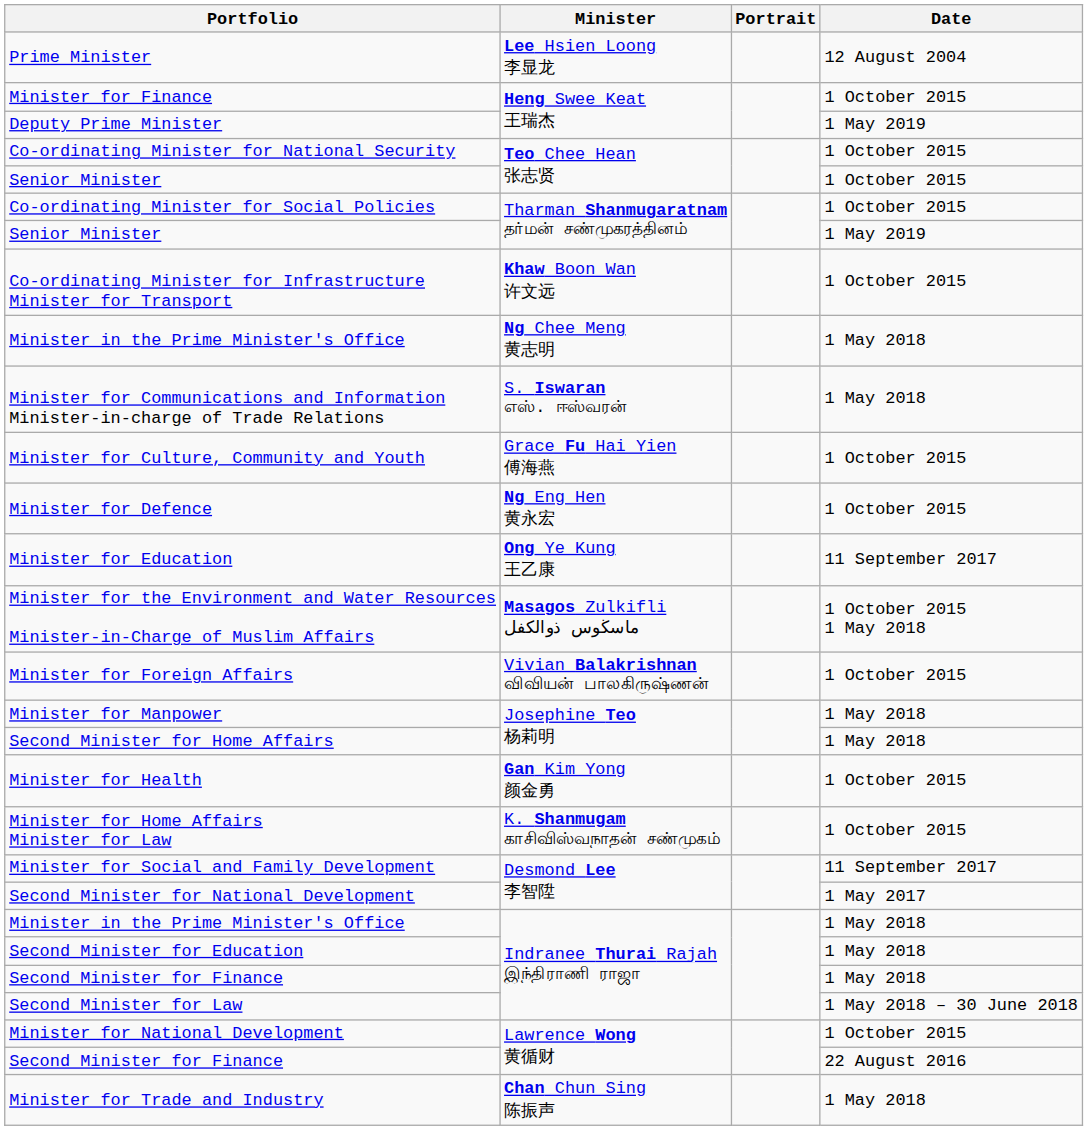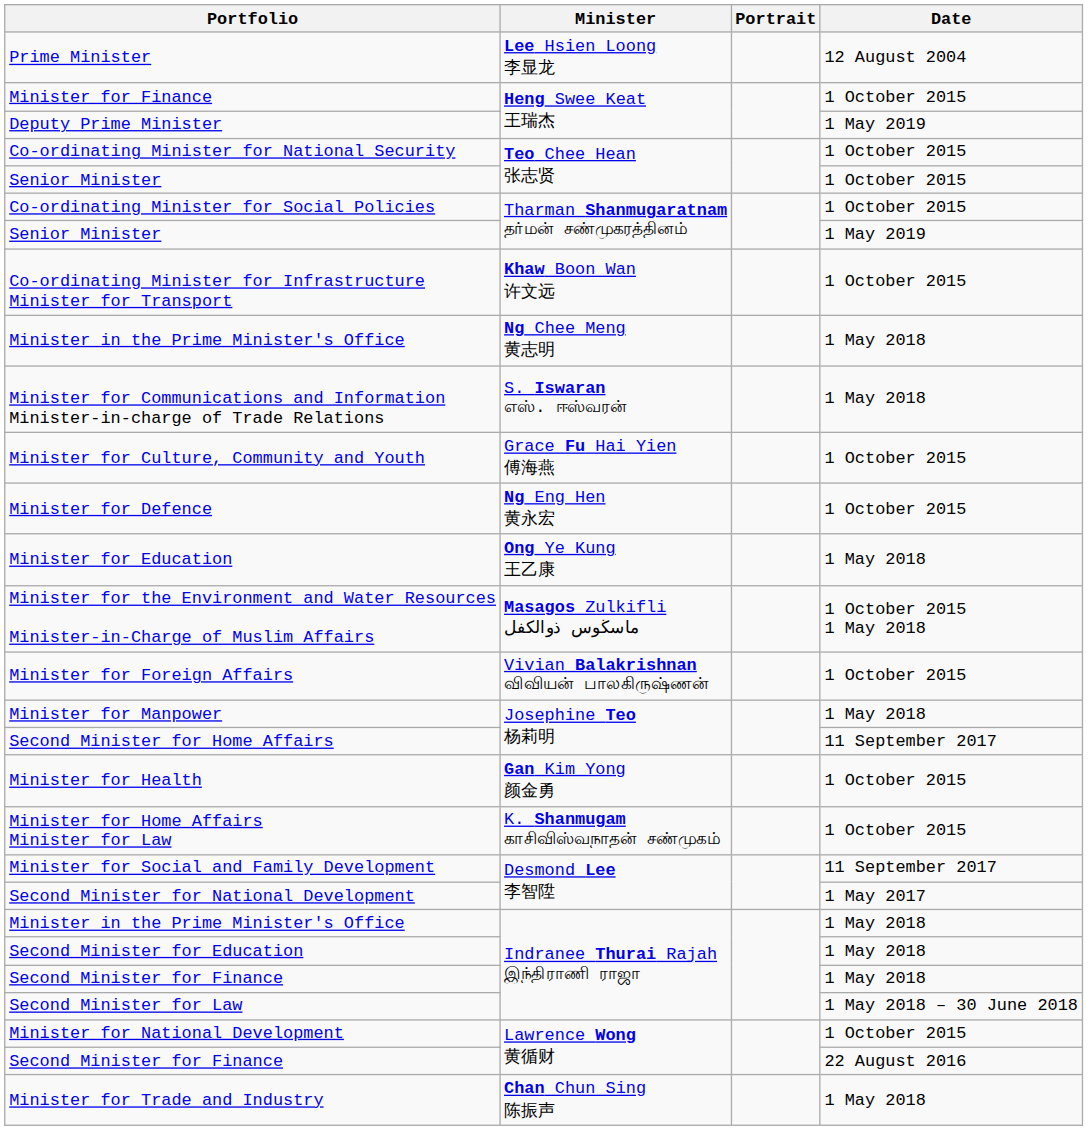 <table class="wikitable" style="margin: 1em auto 1em auto">
 <tr>
 <th>Portfolio</th>
 <th>Minister</th>
 <th>Portrait</th>
 <th>Date</th>
 </tr>
 <tr>
 <td><a href='#'>Prime Minister</a></td>
 <td><a href='#'><strong>Lee</strong> Hsien Loong</a><br> 李显龙</td>
 <td></td>
 <td>12 August 2004</td>
 </tr>
 <tr>
 <td><a href='#'>Minister for Finance</a></td>
 <td rowspan=2><a href='#'><strong>Heng</strong> Swee Keat</a> <br>王瑞杰</td>
 <td rowspan=2></td>
 <td>1 October 2015</td>
 </tr>
 <tr>
 <td><a href='#'>Deputy Prime Minister</a></td>
 <td>1 May 2019</td>
 </tr>
 <tr>
 <td><a href='#'>Co-ordinating Minister for National Security</a></td>
 <td rowspan=2><a href='#'><strong>Teo</strong> Chee Hean</a> <br>张志贤</td>
 <td rowspan=2></td>
 <td>1 October 2015</td>
 </tr>
 <tr>
 <td><a href='#'>Senior Minister</a></td>
 <td>1 October 2015</td>
 </tr>
 <tr>
 <td><a href='#'>Co-ordinating Minister for Social Policies</a></td>
 <td rowspan=2><a href='#'>Tharman <strong>Shanmugaratnam</strong></a> <br>தர்மன் சண்முகரத்தினம்</td>
 <td rowspan=2></td>
 <td>1 October 2015</td>
 </tr>
 <tr>
 <td><a href='#'>Senior Minister</a></td>
 <td>1 May 2019</td>
 </tr>
 <tr>
 <td><br><a href='#'>Co-ordinating Minister for Infrastructure</a><br> <a href='#'>Minister for Transport</a></td>
 <td><a href='#'><strong>Khaw</strong> Boon Wan</a> <br> 许文远</td>
 <td></td>
 <td>1 October 2015</td>
 </tr>
 <tr>
 <td><a href='#'>Minister in the Prime Minister's Office</a></td>
 <td><a href='#'><strong>Ng</strong> Chee Meng</a><br> 黄志明</td>
 <td></td>
 <td>1 May 2018</td>
 </tr>
 <tr>
 <td><br><a href='#'>Minister for Communications and Information</a><br>Minister-in-charge of Trade Relations</td>
 <td><a href='#'>S. <strong>Iswaran</strong></a><br>எஸ். ஈஸ்வரன்</td>
 <td></td>
 <td>1 May 2018</td>
 </tr>
 <tr>
 <td><a href='#'>Minister for Culture, Community and Youth</a></td>
 <td><a href='#'>Grace <strong>Fu</strong> Hai Yien</a><br>傅海燕</td>
 <td></td>
 <td>1 October 2015</td>
 </tr>
 <tr>
 <td><a href='#'>Minister for Defence</a></td>
 <td><a href='#'><strong>Ng</strong> Eng Hen</a> <br>黄永宏</td>
 <td></td>
 <td>1 October 2015</td>
 </tr>
 <tr>
 <td><a href='#'>Minister for Education</a></td>
 <td><a href='#'><strong>Ong</strong> Ye Kung</a> <br> 王乙康</td>
 <td></td>
-<td>11 September 2017</td>
+<td>1 May 2018</td>
 </tr>
 <tr>
 <td><a href='#'>Minister for the Environment and Water Resources</a><br><br><a href='#'>Minister-in-Charge of Muslim Affairs</a></td>
 <td><a href='#'><strong>Masagos</strong> Zulkifli</a> <br> ماسڬوس ذوالكفل</td>
 <td></td>
 <td>1 October 2015<br>1 May 2018</td>
 </tr>
 <tr>
 <td><a href='#'>Minister for Foreign Affairs</a></td>
 <td><a href='#'>Vivian <strong>Balakrishnan</strong></a><br>விவியன் பாலகிருஷ்ணன்</td>
 <td></td>
 <td>1 October 2015</td>
 </tr>
 <tr>
 <td><a href='#'>Minister for Manpower</a></td>
 <td rowspan=2><a href='#'>Josephine <strong>Teo</strong></a><br>杨莉明</td>
 <td rowspan=2></td>
 <td>1 May 2018</td>
 </tr>
 <tr>
 <td><a href='#'>Second Minister for Home Affairs</a></td>
-<td>1 May 2018</td>
+<td>11 September 2017</td>
 </tr>
 <tr>
 <td><a href='#'>Minister for Health</a></td>
 <td><a href='#'><strong>Gan</strong> Kim Yong</a><br> 颜金勇</td>
 <td></td>
 <td>1 October 2015</td>
 </tr>
 <tr>
 <td><a href='#'>Minister for Home Affairs</a><br><a href='#'>Minister for Law</a></td>
 <td><a href='#'>K. <strong>Shanmugam</strong></a><br>காசிவிஸ்வநாதன் சண்முகம்</td>
 <td></td>
 <td>1 October 2015</td>
 </tr>
 <tr>
 <td><a href='#'>Minister for Social and Family Development</a></td>
 <td rowspan=2><a href='#'>Desmond <strong>Lee</strong></a> <br>李智陞</td>
 <td rowspan=2></td>
 <td>11 September 2017</td>
 </tr>
 <tr>
 <td><a href='#'>Second Minister for National Development</a></td>
 <td>1 May 2017</td>
 </tr>
 <tr>
 <td><a href='#'>Minister in the Prime Minister's Office</a></td>
 <td rowspan=4><a href='#'>Indranee <strong>Thurai</strong> Rajah</a><br>இந்திராணி ராஜா</td>
 <td rowspan=4></td>
 <td>1 May 2018</td>
 </tr>
 <tr>
 <td><a href='#'>Second Minister for Education</a></td>
 <td>1 May 2018</td>
 </tr>
 <tr>
 <td><a href='#'>Second Minister for Finance</a></td>
 <td>1 May 2018</td>
 </tr>
 <tr>
 <td><a href='#'>Second Minister for Law</a></td>
 <td>1 May 2018 – 30 June 2018</td>
 </tr>
 <tr>
 <td><a href='#'>Minister for National Development</a></td>
 <td rowspan=2><a href='#'>Lawrence <strong>Wong</strong></a><br>黄循财</td>
 <td rowspan=2></td>
 <td>1 October 2015</td>
 </tr>
 <tr>
 <td><a href='#'>Second Minister for Finance</a></td>
 <td>22 August 2016</td>
 </tr>
 <tr>
 <td><a href='#'>Minister for Trade and Industry</a></td>
 <td><a href='#'><strong>Chan</strong> Chun Sing</a> <br>陈振声</td>
 <td></td>
 <td>1 May 2018</td>
 </tr>
 </table>
